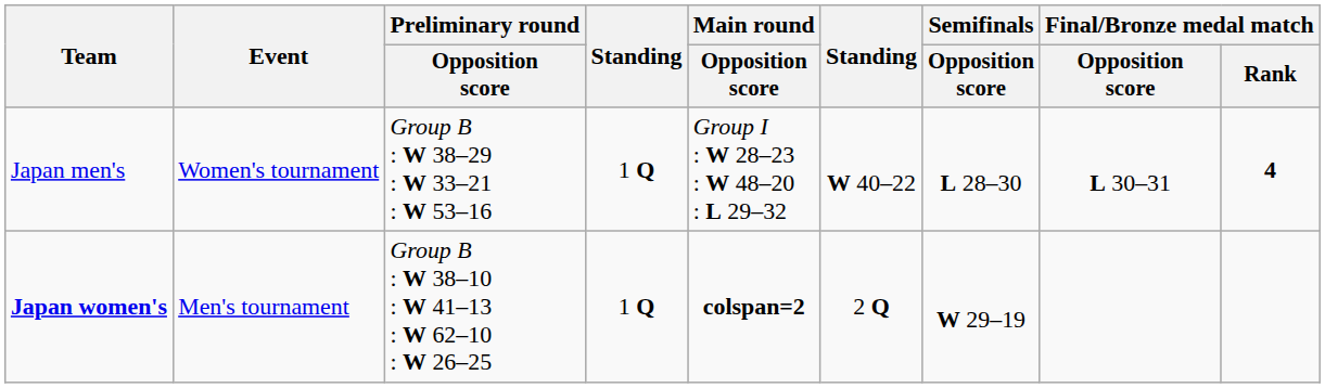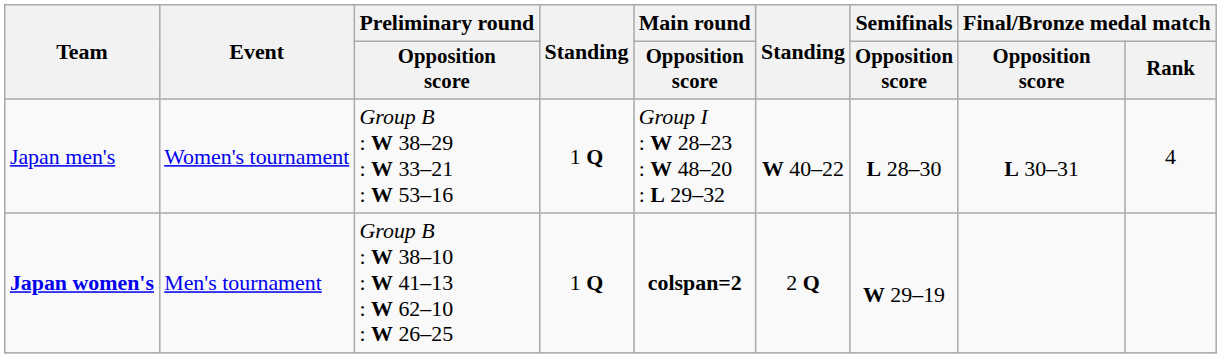 <table class=wikitable style=font-size:90%;text-align:center>
 <tr>
 <th rowspan=2>Team</th>
 <th rowspan=2>Event</th>
 <th>Preliminary round</th>
 <th rowspan=2>Standing</th>
 <th>Main round</th>
 <th rowspan=2>Standing</th>
 <th>Semifinals</th>
 <th colspan=2>Final/Bronze medal match</th>
 </tr>
 <tr style="font-size:95%">
 <th>Opposition<br> score</th>
 <th>Opposition<br> score</th>
 <th>Opposition<br> score</th>
 <th>Opposition<br> score</th>
 <th>Rank</th>
 </tr>
 <tr>
 <td style="text-align:left"><a href='#'>Japan men's</a></td>
 <td style="text-align:left"><a href='#'>Women's tournament</a></td>
 <td style="text-align:left"><em>Group B</em><br>: <strong>W</strong> 38–29<br>: <strong>W</strong> 33–21<br>: <strong>W</strong> 53–16</td>
 <td>1 <strong>Q</strong></td>
 <td style="text-align:left"><em>Group I</em><br>: <strong>W</strong> 28–23<br>: <strong>W</strong> 48–20<br>: <strong>L</strong> 29–32</td>
 <td><br><strong>W</strong> 40–22</td>
 <td><br><strong>L</strong> 28–30</td>
 <td><br><strong>L</strong> 30–31</td>
-<td><strong>4</strong></td>
+<td>4</td>
 </tr>
 <tr>
 <td style="text-align:left"><strong><a href='#'>Japan women's</a></strong></td>
 <td style="text-align:left"><a href='#'>Men's tournament</a></td>
 <td style="text-align:left"><em>Group B</em><br>: <strong>W</strong> 38–10<br>: <strong>W</strong> 41–13<br>: <strong>W</strong> 62–10<br>: <strong>W</strong> 26–25</td>
 <td>1 <strong>Q</strong></td>
 <td><strong>colspan=2 </strong></td>
 <td>2 <strong>Q</strong></td>
 <td><br><strong>W</strong> 29–19</td>
 <td></td>
 </tr>
 </table>
